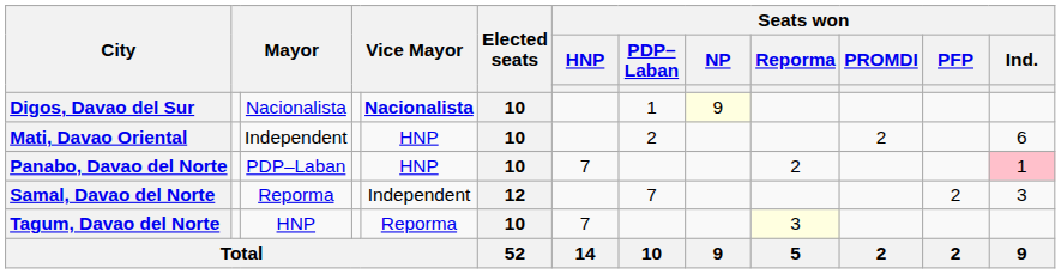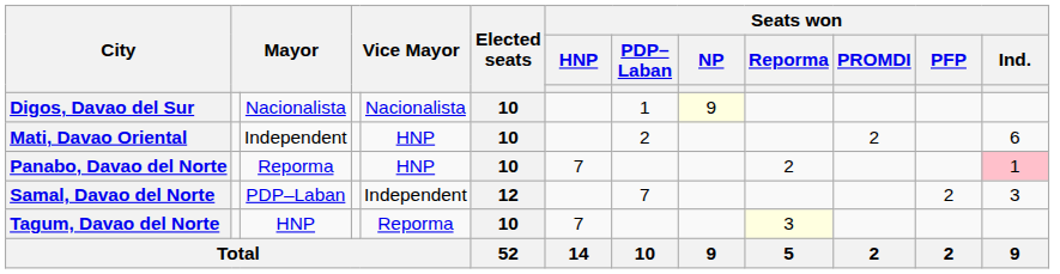 <table class="wikitable" style="text-align:center; font-size: 0.9em;">
 <tr>
 <th rowspan="3">City</th>
 <th colspan="2" rowspan="3" style="width:60px;">Mayor</th>
 <th colspan="2" rowspan="3" style="width:60px;">Vice Mayor</th>
 <th rowspan="3">Elected<br>seats</th>
 <th colspan="7">Seats won</th>
 </tr>
 <tr>
 <th class="unsortable" style="width:45px;"><a href='#'>HNP</a></th>
 <th class="unsortable" style="width:45px;"><a href='#'>PDP–Laban</a></th>
 <th class="unsortable" style="width:45px;"><a href='#'>NP</a></th>
 <th class="unsortable" style="width:45px;"><a href='#'>Reporma</a></th>
 <th class="unsortable" style="width:45px;"><a href='#'>PROMDI</a></th>
 <th class="unsortable" style="width:45px;"><a href='#'>PFP</a></th>
 <th class="unsortable" style="width:45px;">Ind.</th>
 </tr>
 <tr>
 <th style="color:inherit;background:"></th>
 <th style="color:inherit;background:"></th>
 <th style="color:inherit;background:"></th>
 <th style="color:inherit;background:"></th>
 <th style="color:inherit;background:"></th>
 <th style="color:inherit;background:"></th>
 <th style="color:inherit;background:"></th>
 </tr>
 <tr>
 <th style="text-align: left;"><a href='#'>Digos, Davao del Sur</a></th>
 <td style="color:inherit;background:"></td>
 <td><a href='#'>Nacionalista</a></td>
 <td style="color:inherit;background:"></td>
-<td><strong><a href='#'>Nacionalista</a></strong></td>
+<td><a href='#'>Nacionalista</a></td>
 <th>10</th>
 <td></td>
 <td>1</td>
 <td style="background: lightyellow;">9</td>
 <td></td>
 <td></td>
 <td></td>
 <td></td>
 </tr>
 <tr>
 <th style="text-align: left;"><a href='#'>Mati, Davao Oriental</a></th>
 <td style="color:inherit;background:"></td>
 <td>Independent</td>
 <td style="color:inherit;background:"></td>
 <td><a href='#'>HNP</a></td>
 <th>10</th>
 <td></td>
 <td>2</td>
 <td></td>
 <td></td>
 <td>2</td>
 <td></td>
 <td>6</td>
 </tr>
 <tr>
 <th style="text-align: left;"><a href='#'>Panabo, Davao del Norte</a></th>
 <td style="color:inherit;background:"></td>
-<td><a href='#'>PDP–Laban</a></td>
+<td><a href='#'>Reporma</a></td>
 <td style="color:inherit;background:"></td>
 <td><a href='#'>HNP</a></td>
 <th>10</th>
 <td>7</td>
 <td></td>
 <td></td>
 <td>2</td>
 <td></td>
 <td></td>
 <td style="background: pink;">1</td>
 </tr>
 <tr>
 <th style="text-align: left;"><a href='#'>Samal, Davao del Norte</a></th>
 <td style="color:inherit;background:"></td>
-<td><a href='#'>Reporma</a></td>
+<td><a href='#'>PDP–Laban</a></td>
 <td style="color:inherit;background:"></td>
 <td>Independent</td>
 <th>12</th>
 <td></td>
 <td>7</td>
 <td></td>
 <td></td>
 <td></td>
 <td>2</td>
 <td>3</td>
 </tr>
 <tr>
 <th style="text-align: left;"><a href='#'>Tagum, Davao del Norte</a></th>
 <td style="color:inherit;background:"></td>
 <td><a href='#'>HNP</a></td>
 <td style="color:inherit;background:"></td>
 <td><a href='#'>Reporma</a></td>
 <th>10</th>
 <td>7</td>
 <td></td>
 <td></td>
 <td style="background: lightyellow;">3</td>
 <td></td>
 <td></td>
 <td></td>
 </tr>
 <tr>
 <th colspan="5">Total</th>
 <th>52</th>
 <th>14</th>
 <th>10</th>
 <th>9</th>
 <th>5</th>
 <th>2</th>
 <th>2</th>
 <th>9</th>
 </tr>
 </table>
